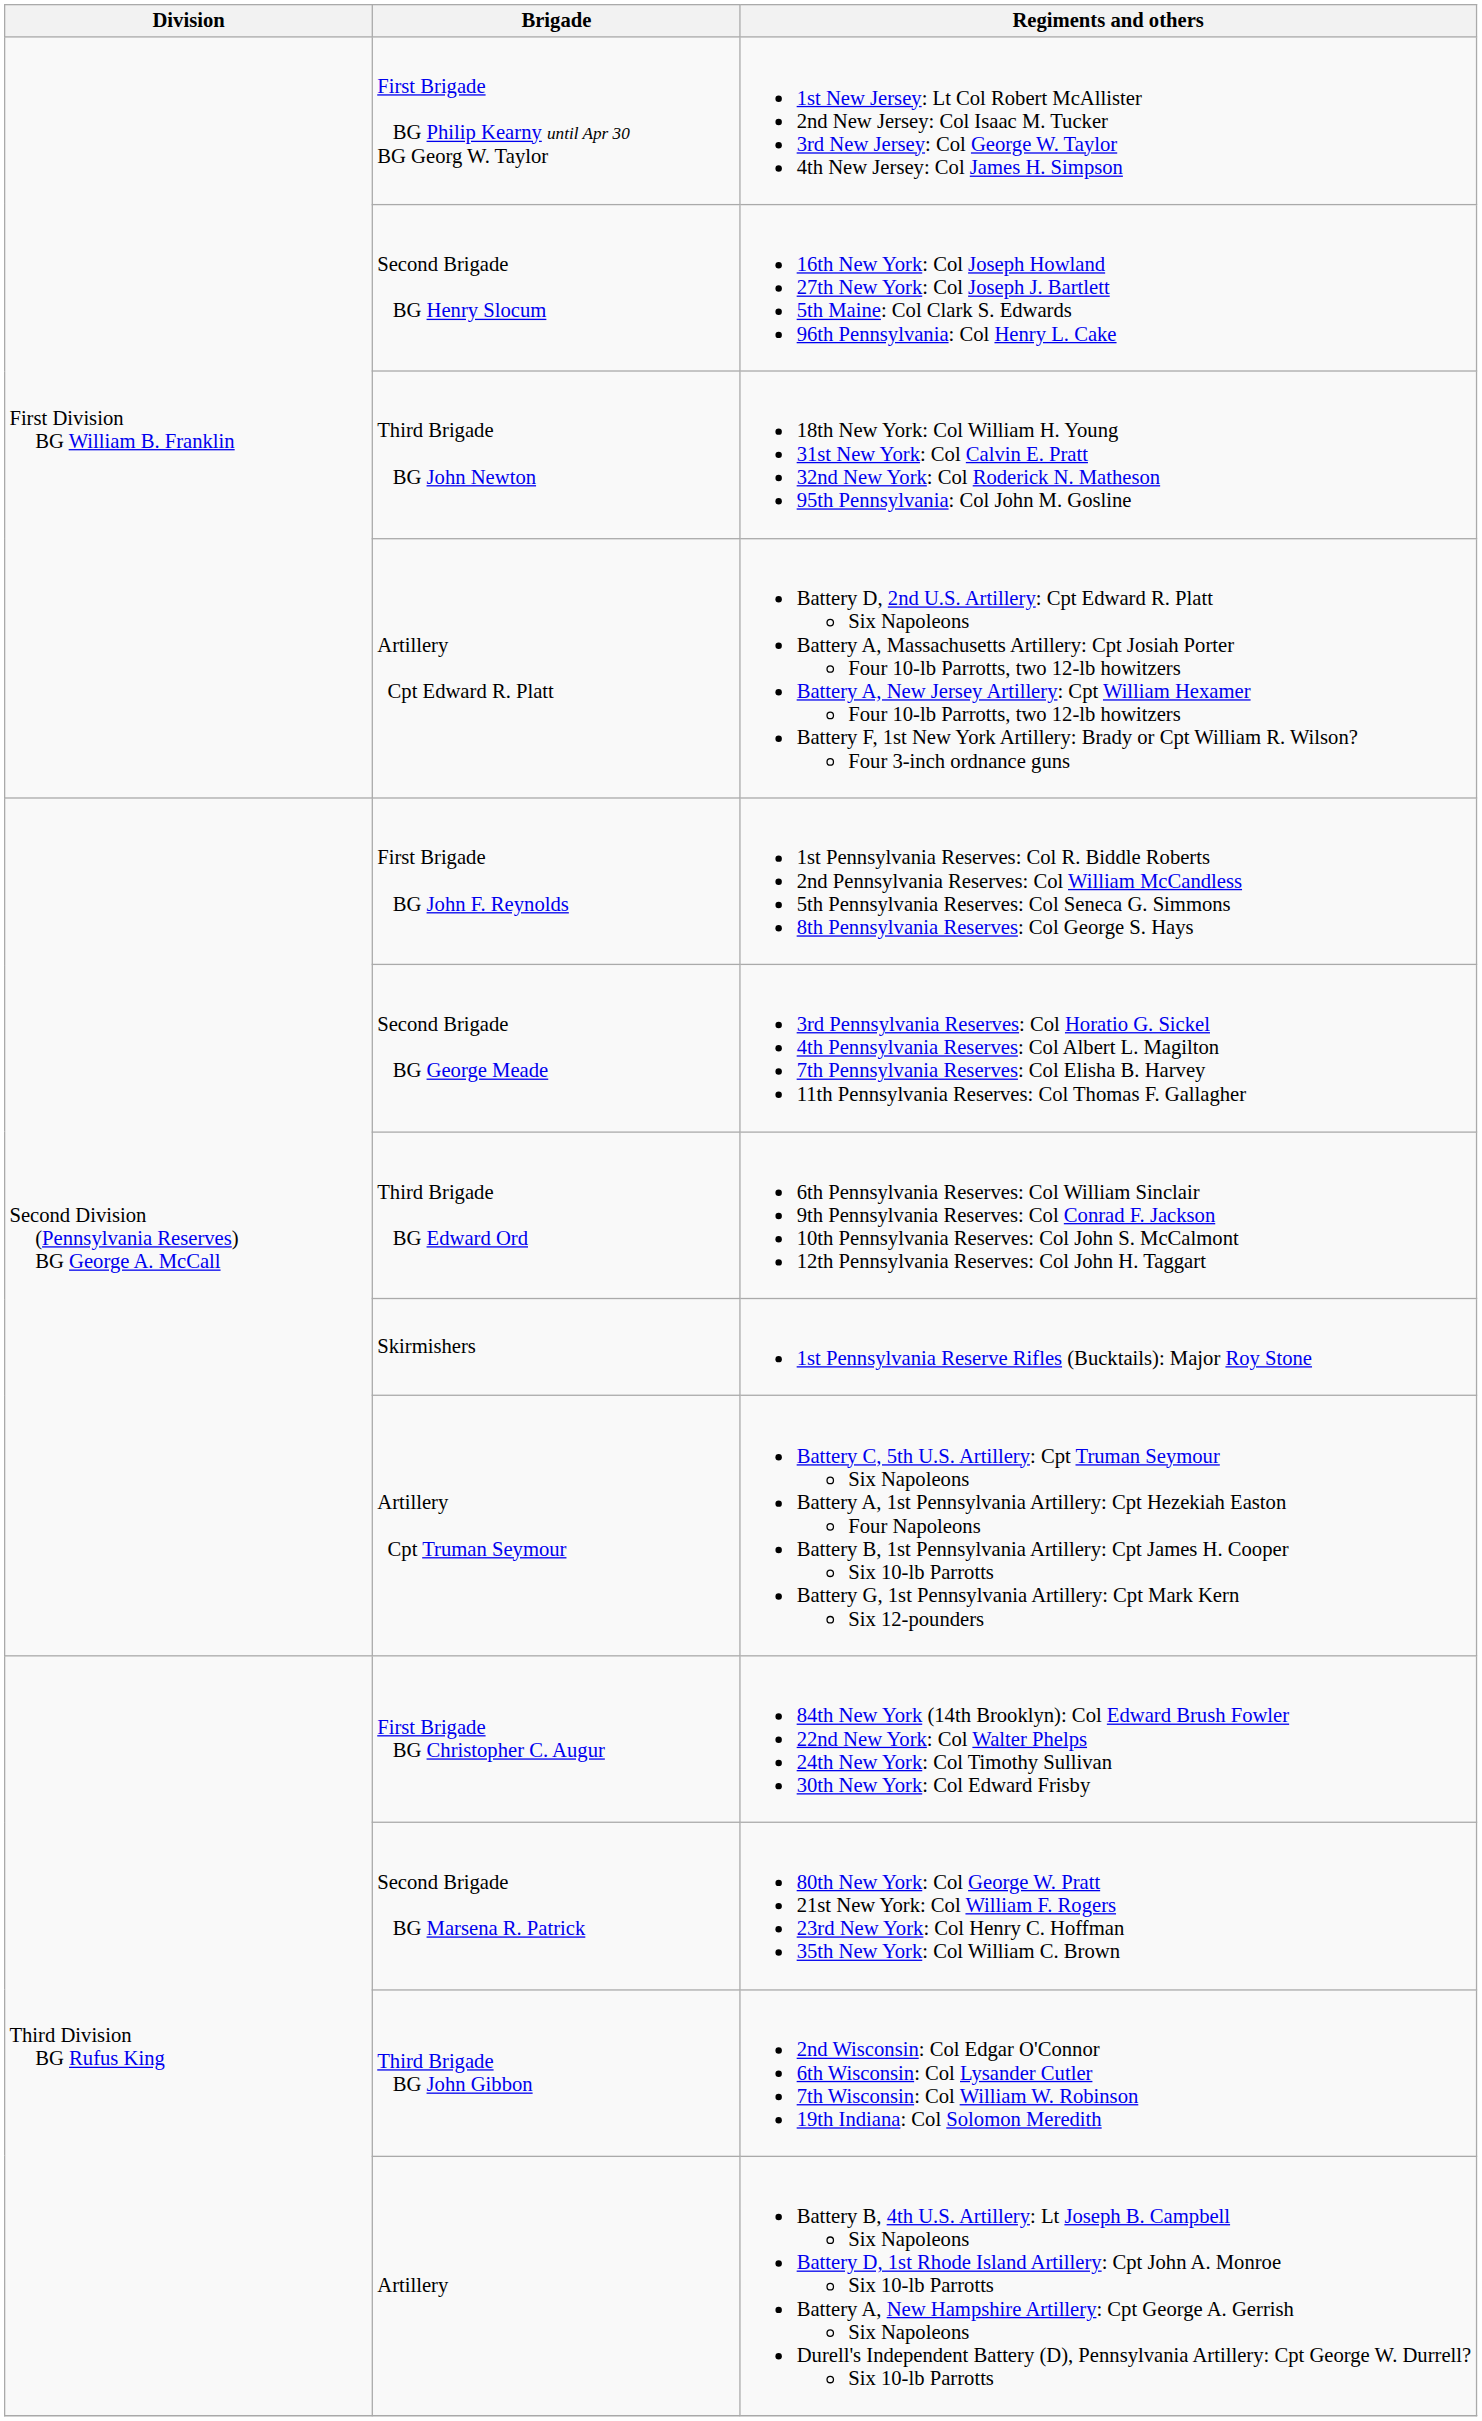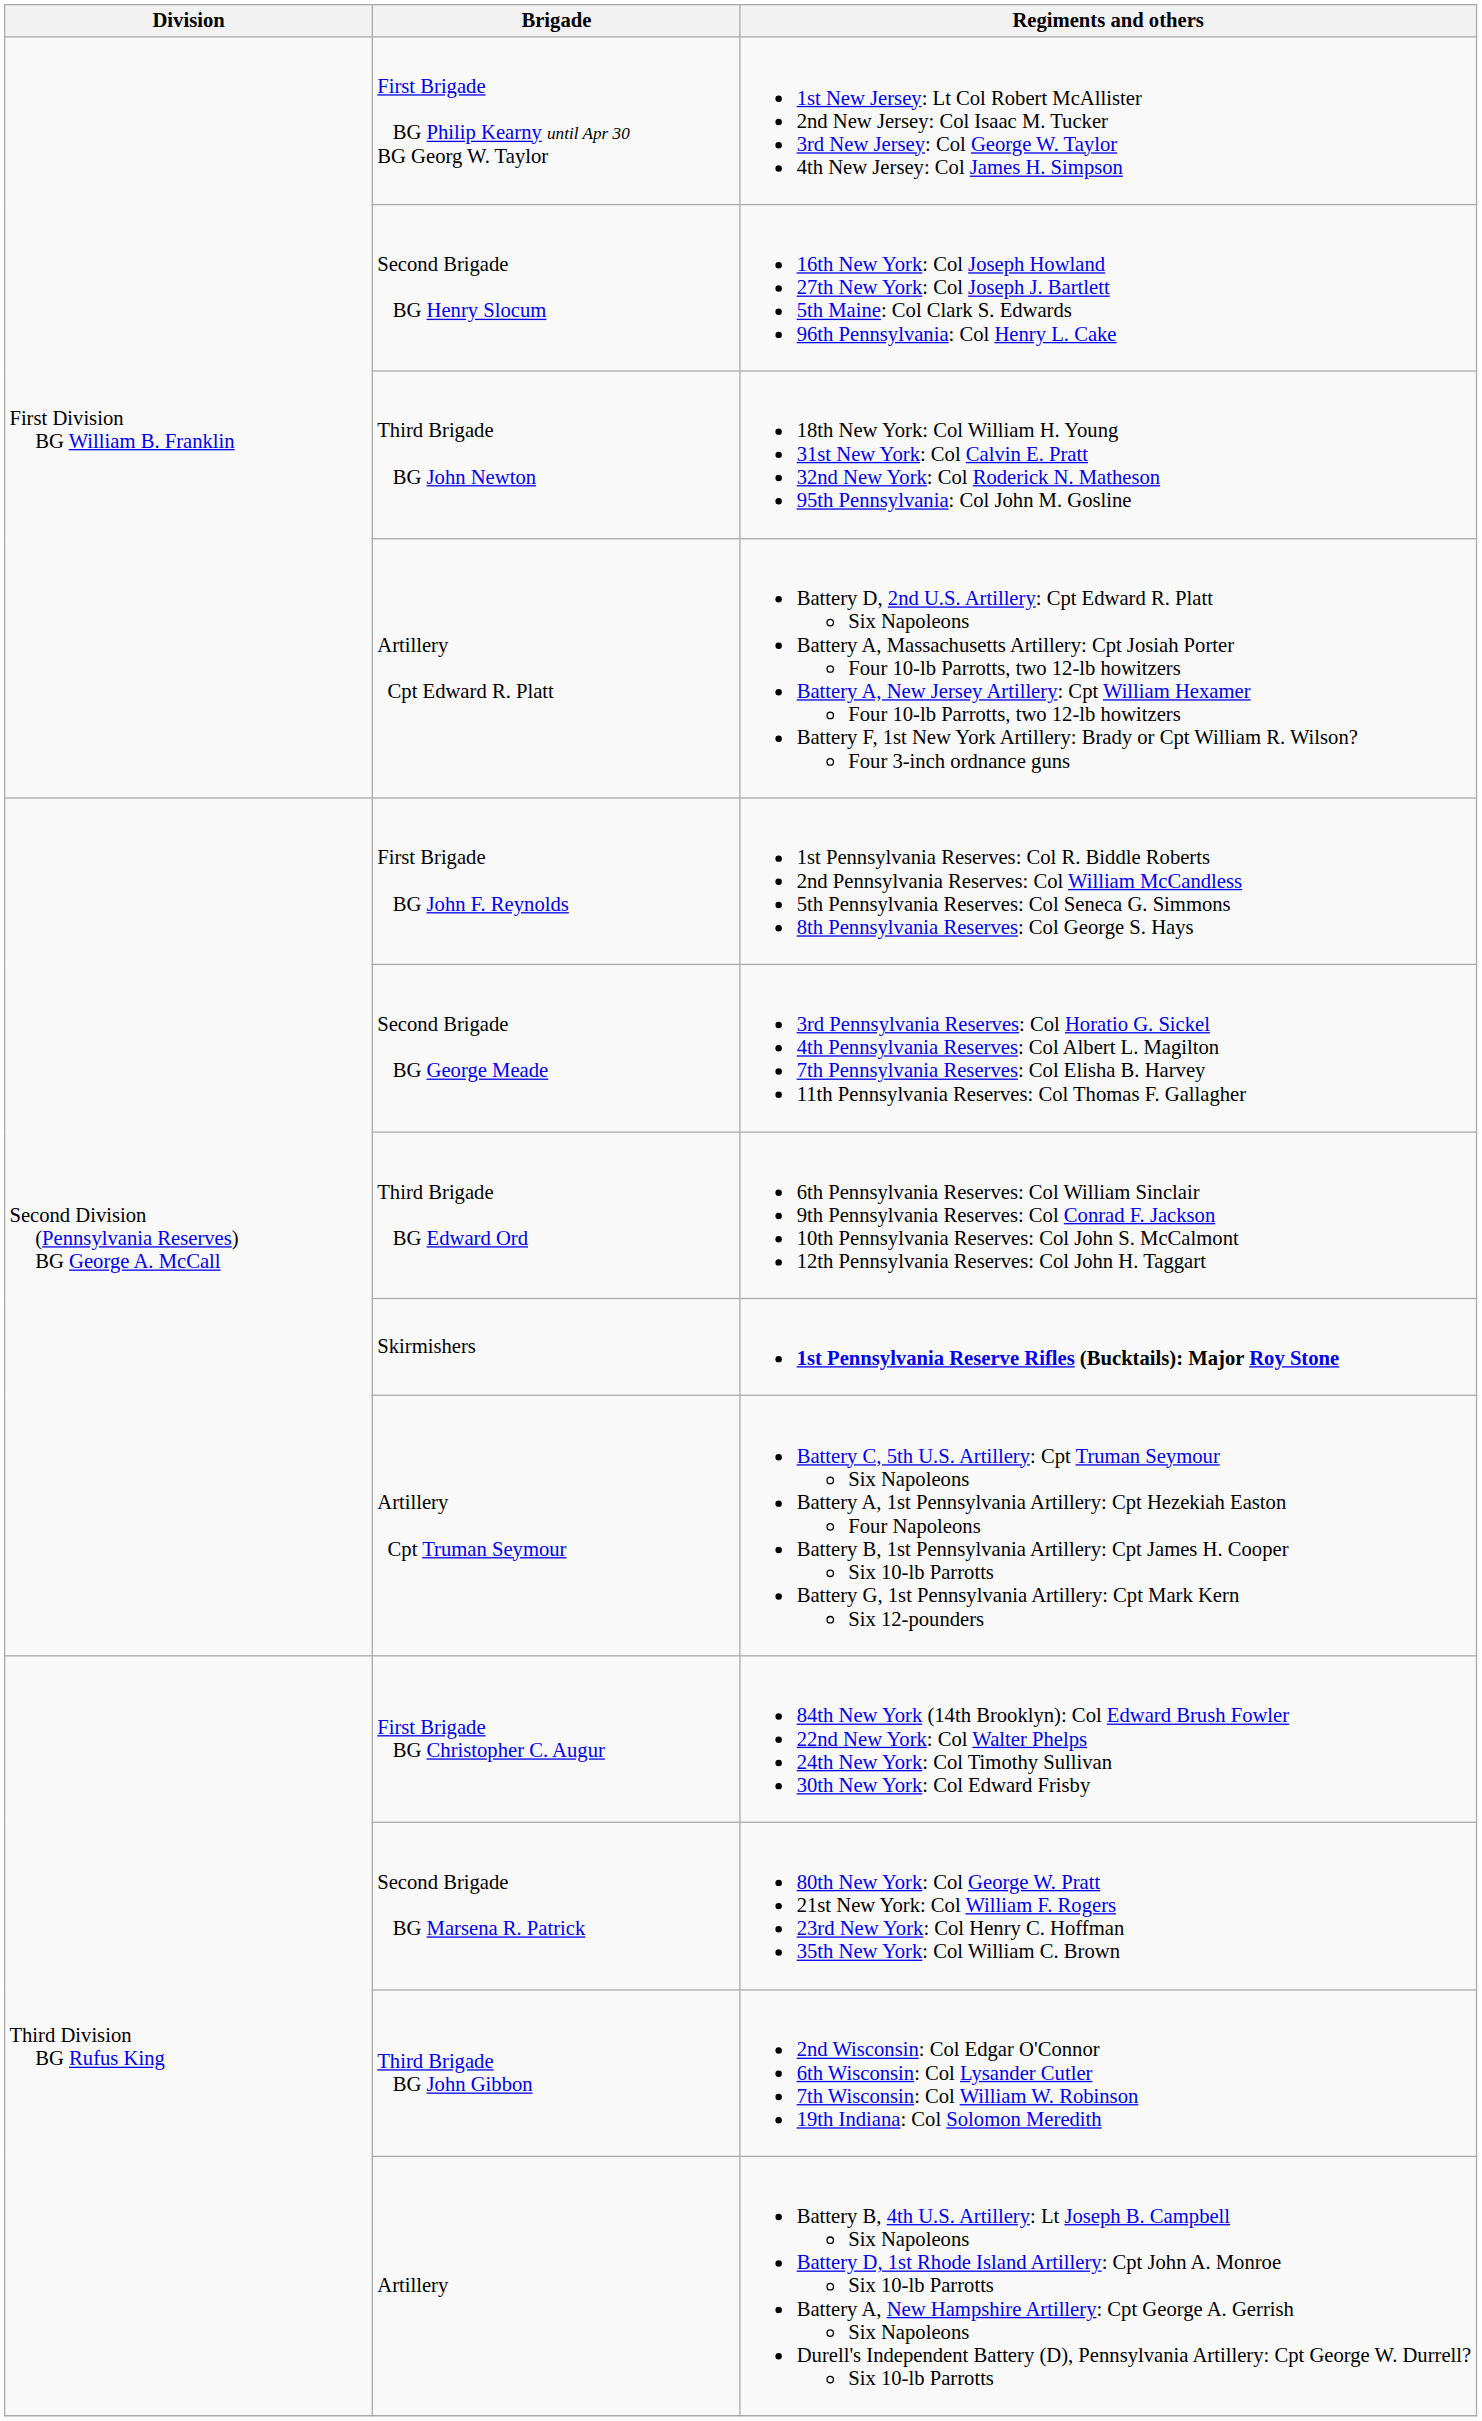 <table class="wikitable">
 <tr>
 <th width=25%>Division</th>
 <th width=25%>Brigade</th>
 <th>Regiments and others</th>
 </tr>
 <tr>
 <td rowspan=4><br>First Division <br>     BG <a href='#'>William B. Franklin</a></td>
 <td><a href='#'>First Brigade</a><br> <br>   BG <a href='#'>Philip Kearny</a> <small><em>until Apr 30</em></small><br> BG Georg W. Taylor</td>
 <td><br><ul><li><a href='#'>1st New Jersey</a>: Lt Col Robert McAllister</li><li>2nd New Jersey: Col Isaac M. Tucker</li><li><a href='#'>3rd New Jersey</a>: Col <a href='#'>George W. Taylor</a></li><li>4th New Jersey: Col <a href='#'>James H. Simpson</a></li></ul></td>
 </tr>
 <tr>
 <td>Second Brigade<br><br>   BG <a href='#'>Henry Slocum</a></td>
 <td><br><ul><li><a href='#'>16th New York</a>: Col <a href='#'>Joseph Howland</a></li><li><a href='#'>27th New York</a>: Col <a href='#'>Joseph J. Bartlett</a></li><li><a href='#'>5th Maine</a>: Col Clark S. Edwards</li><li><a href='#'>96th Pennsylvania</a>: Col <a href='#'>Henry L. Cake</a></li></ul></td>
 </tr>
 <tr>
 <td>Third Brigade<br><br>   BG <a href='#'>John Newton</a></td>
 <td><br><ul><li>18th New York: Col William H. Young</li><li><a href='#'>31st New York</a>: Col <a href='#'>Calvin E. Pratt</a></li><li><a href='#'>32nd New York</a>: Col <a href='#'>Roderick N. Matheson</a></li><li><a href='#'>95th Pennsylvania</a>: Col John M. Gosline</li></ul></td>
 </tr>
 <tr>
 <td>Artillery<br><br>  Cpt Edward R. Platt</td>
 <td><br><ul><li>Battery D, <a href='#'>2nd U.S. Artillery</a>: Cpt Edward R. Platt<ul><li>Six Napoleons</li></ul></li><li>Battery A, Massachusetts Artillery: Cpt Josiah Porter<ul><li>Four 10-lb Parrotts, two 12-lb howitzers</li></ul></li><li><a href='#'>Battery A, New Jersey Artillery</a>: Cpt <a href='#'>William Hexamer</a><ul><li>Four 10-lb Parrotts, two 12-lb howitzers</li></ul></li><li>Battery F, 1st New York Artillery: Brady or Cpt William R. Wilson?<ul><li>Four 3-inch ordnance guns</li></ul></li></ul></td>
 </tr>
 <tr>
 <td rowspan=5><br>Second Division <br>     (<a href='#'>Pennsylvania Reserves</a>) <br>     BG <a href='#'>George A. McCall</a></td>
 <td>First Brigade<br><br>   BG <a href='#'>John F. Reynolds</a></td>
 <td><br><ul><li>1st Pennsylvania Reserves: Col R. Biddle Roberts</li><li>2nd Pennsylvania Reserves: Col <a href='#'>William McCandless</a></li><li>5th Pennsylvania Reserves: Col Seneca G. Simmons</li><li><a href='#'>8th Pennsylvania Reserves</a>: Col George S. Hays</li></ul></td>
 </tr>
 <tr>
 <td>Second Brigade<br><br>   BG <a href='#'>George Meade</a></td>
 <td><br><ul><li><a href='#'>3rd Pennsylvania Reserves</a>: Col <a href='#'>Horatio G. Sickel</a></li><li><a href='#'>4th Pennsylvania Reserves</a>: Col Albert L. Magilton</li><li><a href='#'>7th Pennsylvania Reserves</a>: Col Elisha B. Harvey</li><li>11th Pennsylvania Reserves: Col Thomas F. Gallagher</li></ul></td>
 </tr>
 <tr>
 <td>Third Brigade<br><br>   BG <a href='#'>Edward Ord</a></td>
 <td><br><ul><li>6th Pennsylvania Reserves: Col William Sinclair</li><li>9th Pennsylvania Reserves: Col <a href='#'>Conrad F. Jackson</a></li><li>10th Pennsylvania Reserves: Col John S. McCalmont</li><li>12th Pennsylvania Reserves: Col John H. Taggart</li></ul></td>
 </tr>
 <tr>
 <td>Skirmishers</td>
-<td><br><ul><li><a href='#'>1st Pennsylvania Reserve Rifles</a> (Bucktails): Major <a href='#'>Roy Stone</a></li></ul></td>
+<td><strong><br><ul><li><a href='#'>1st Pennsylvania Reserve Rifles</a> (Bucktails): Major <a href='#'>Roy Stone</a></li></ul></strong></td>
 </tr>
 <tr>
 <td>Artillery<br><br>  Cpt <a href='#'>Truman Seymour</a></td>
 <td><br><ul><li><a href='#'>Battery C, 5th U.S. Artillery</a>: Cpt <a href='#'>Truman Seymour</a><ul><li>Six Napoleons</li></ul></li><li>Battery A, 1st Pennsylvania Artillery: Cpt Hezekiah Easton<ul><li>Four Napoleons</li></ul></li><li>Battery B, 1st Pennsylvania Artillery: Cpt James H. Cooper<ul><li>Six 10-lb Parrotts</li></ul></li><li>Battery G, 1st Pennsylvania Artillery: Cpt Mark Kern<ul><li>Six 12-pounders</li></ul></li></ul></td>
 </tr>
 <tr>
 <td rowspan=4><br>Third Division <br>     BG <a href='#'>Rufus King</a></td>
 <td><a href='#'>First Brigade</a><br>   BG <a href='#'>Christopher C. Augur</a></td>
 <td><br><ul><li><a href='#'>84th New York</a> (14th Brooklyn): Col <a href='#'>Edward Brush Fowler</a></li><li><a href='#'>22nd New York</a>: Col <a href='#'>Walter Phelps</a></li><li><a href='#'>24th New York</a>: Col Timothy Sullivan</li><li><a href='#'>30th New York</a>: Col Edward Frisby</li></ul></td>
 </tr>
 <tr>
 <td>Second Brigade<br><br>   BG <a href='#'>Marsena R. Patrick</a></td>
 <td><br><ul><li><a href='#'>80th New York</a>: Col <a href='#'>George W. Pratt</a></li><li>21st New York: Col <a href='#'>William F. Rogers</a></li><li><a href='#'>23rd New York</a>: Col Henry C. Hoffman</li><li><a href='#'>35th New York</a>: Col William C. Brown</li></ul></td>
 </tr>
 <tr>
 <td><a href='#'>Third Brigade</a><br>   BG <a href='#'>John Gibbon</a></td>
 <td><br><ul><li><a href='#'>2nd Wisconsin</a>: Col Edgar O'Connor</li><li><a href='#'>6th Wisconsin</a>: Col <a href='#'>Lysander Cutler</a></li><li><a href='#'>7th Wisconsin</a>: Col <a href='#'>William W. Robinson</a></li><li><a href='#'>19th Indiana</a>: Col <a href='#'>Solomon Meredith</a></li></ul></td>
 </tr>
 <tr>
 <td>Artillery</td>
 <td><br><ul><li>Battery B, <a href='#'>4th U.S. Artillery</a>: Lt <a href='#'>Joseph B. Campbell</a><ul><li>Six Napoleons</li></ul></li><li><a href='#'>Battery D, 1st Rhode Island Artillery</a>: Cpt John A. Monroe<ul><li>Six 10-lb Parrotts</li></ul></li><li>Battery A, <a href='#'>New Hampshire Artillery</a>: Cpt George A. Gerrish<ul><li>Six Napoleons</li></ul></li><li>Durell's Independent Battery (D), Pennsylvania Artillery: Cpt George W. Durrell?<ul><li>Six 10-lb Parrotts</li></ul></li></ul></td>
 </tr>
 <tr>
 </tr>
 </table>
